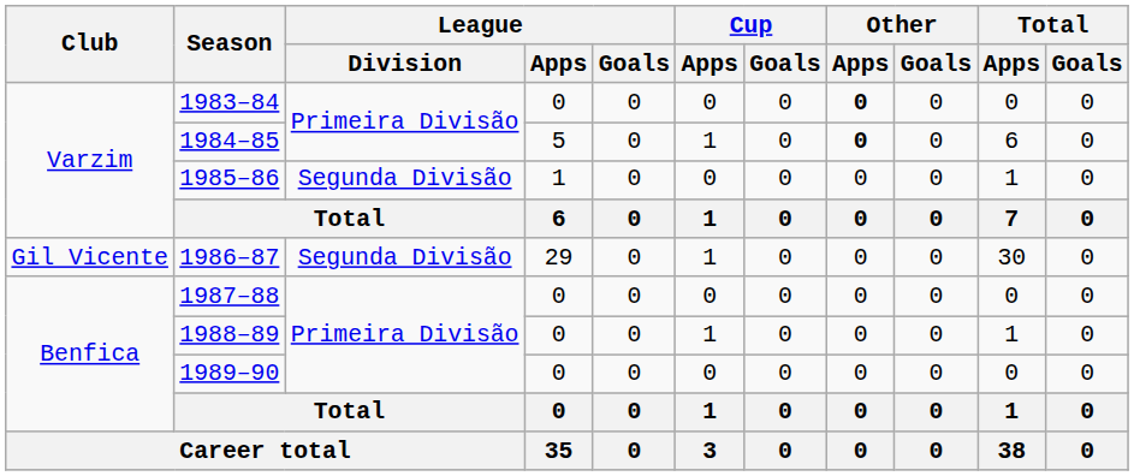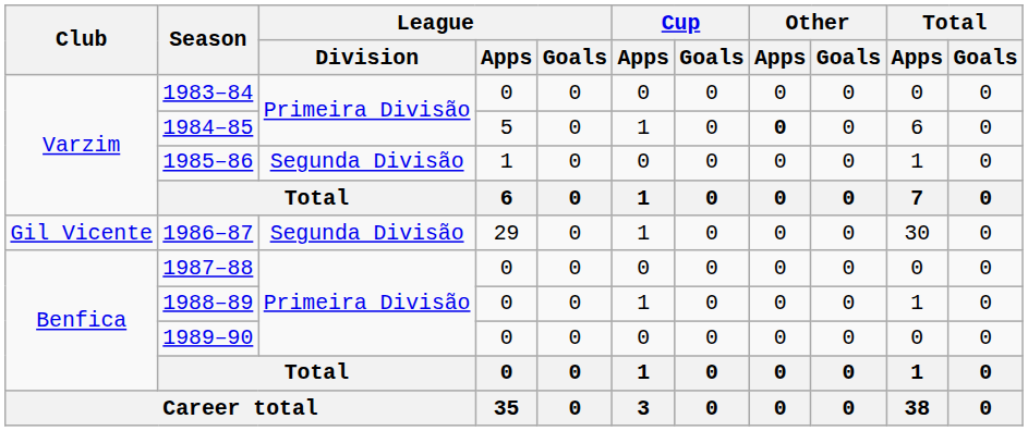 <table class="wikitable" style="text-align: center">
 <tr>
 <th rowspan="2">Club</th>
 <th rowspan="2">Season</th>
 <th colspan="3">League</th>
 <th colspan="2"><a href='#'>Cup</a></th>
 <th colspan="2">Other</th>
 <th colspan="2">Total</th>
 </tr>
 <tr>
 <th>Division</th>
 <th>Apps</th>
 <th>Goals</th>
 <th>Apps</th>
 <th>Goals</th>
 <th>Apps</th>
 <th>Goals</th>
 <th>Apps</th>
 <th>Goals</th>
 </tr>
 <tr>
 <td rowspan="4"><a href='#'>Varzim</a></td>
 <td><a href='#'>1983–84</a></td>
 <td rowspan="2"><a href='#'>Primeira Divisão</a></td>
 <td>0</td>
 <td>0</td>
 <td>0</td>
 <td>0</td>
-<td><strong>0</strong></td>
+<td>0</td>
 <td>0</td>
 <td>0</td>
 <td>0</td>
 </tr>
 <tr>
 <td><a href='#'>1984–85</a></td>
 <td>5</td>
 <td>0</td>
 <td>1</td>
 <td>0</td>
 <td><strong>0</strong></td>
 <td>0</td>
 <td>6</td>
 <td>0</td>
 </tr>
 <tr>
 <td><a href='#'>1985–86</a></td>
 <td><a href='#'>Segunda Divisão</a></td>
 <td>1</td>
 <td>0</td>
 <td>0</td>
 <td>0</td>
 <td>0</td>
 <td>0</td>
 <td>1</td>
 <td>0</td>
 </tr>
 <tr>
 <th colspan="2"><strong>Total</strong></th>
 <th>6</th>
 <th>0</th>
 <th>1</th>
 <th>0</th>
 <th>0</th>
 <th>0</th>
 <th>7</th>
 <th>0</th>
 </tr>
 <tr>
 <td><a href='#'>Gil Vicente</a></td>
 <td><a href='#'>1986–87</a></td>
 <td><a href='#'>Segunda Divisão</a></td>
 <td>29</td>
 <td>0</td>
 <td>1</td>
 <td>0</td>
 <td>0</td>
 <td>0</td>
 <td>30</td>
 <td>0</td>
 </tr>
 <tr>
 <td rowspan="4"><a href='#'>Benfica</a></td>
 <td><a href='#'>1987–88</a></td>
 <td rowspan="3"><a href='#'>Primeira Divisão</a></td>
 <td>0</td>
 <td>0</td>
 <td>0</td>
 <td>0</td>
 <td>0</td>
 <td>0</td>
 <td>0</td>
 <td>0</td>
 </tr>
 <tr>
 <td><a href='#'>1988–89</a></td>
 <td>0</td>
 <td>0</td>
 <td>1</td>
 <td>0</td>
 <td>0</td>
 <td>0</td>
 <td>1</td>
 <td>0</td>
 </tr>
 <tr>
 <td><a href='#'>1989–90</a></td>
 <td>0</td>
 <td>0</td>
 <td>0</td>
 <td>0</td>
 <td>0</td>
 <td>0</td>
 <td>0</td>
 <td>0</td>
 </tr>
 <tr>
 <th colspan="2"><strong>Total</strong></th>
 <th>0</th>
 <th>0</th>
 <th>1</th>
 <th>0</th>
 <th>0</th>
 <th>0</th>
 <th>1</th>
 <th>0</th>
 </tr>
 <tr>
 <th colspan="3"><strong>Career total</strong></th>
 <th>35</th>
 <th>0</th>
 <th>3</th>
 <th>0</th>
 <th>0</th>
 <th>0</th>
 <th>38</th>
 <th>0</th>
 </tr>
 </table>
